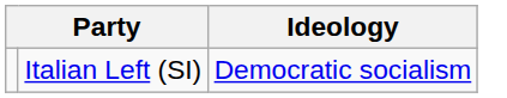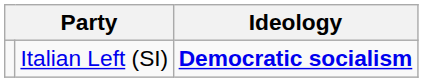 <table class=wikitable style=text-align:left>
 <tr>
 <th colspan=2>Party</th>
 <th>Ideology</th>
 </tr>
 <tr>
 <td style="background-color:"></td>
 <td><a href='#'>Italian Left</a> (SI)</td>
-<td><a href='#'>Democratic socialism</a></td>
+<td><strong><a href='#'>Democratic socialism</a></strong></td>
 </tr>
 </table>
